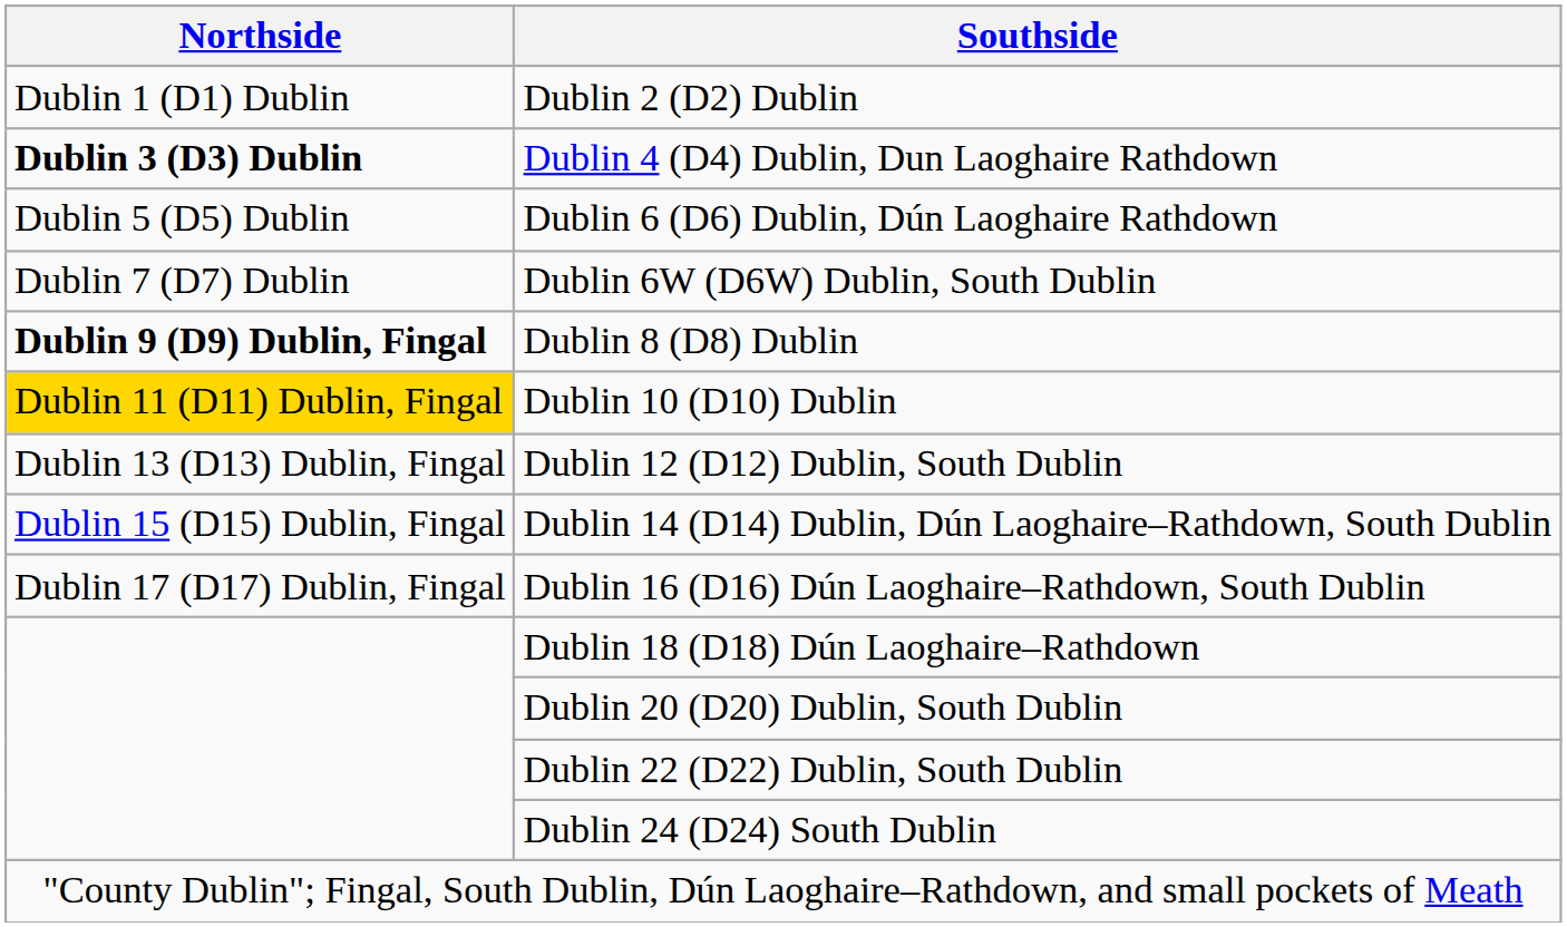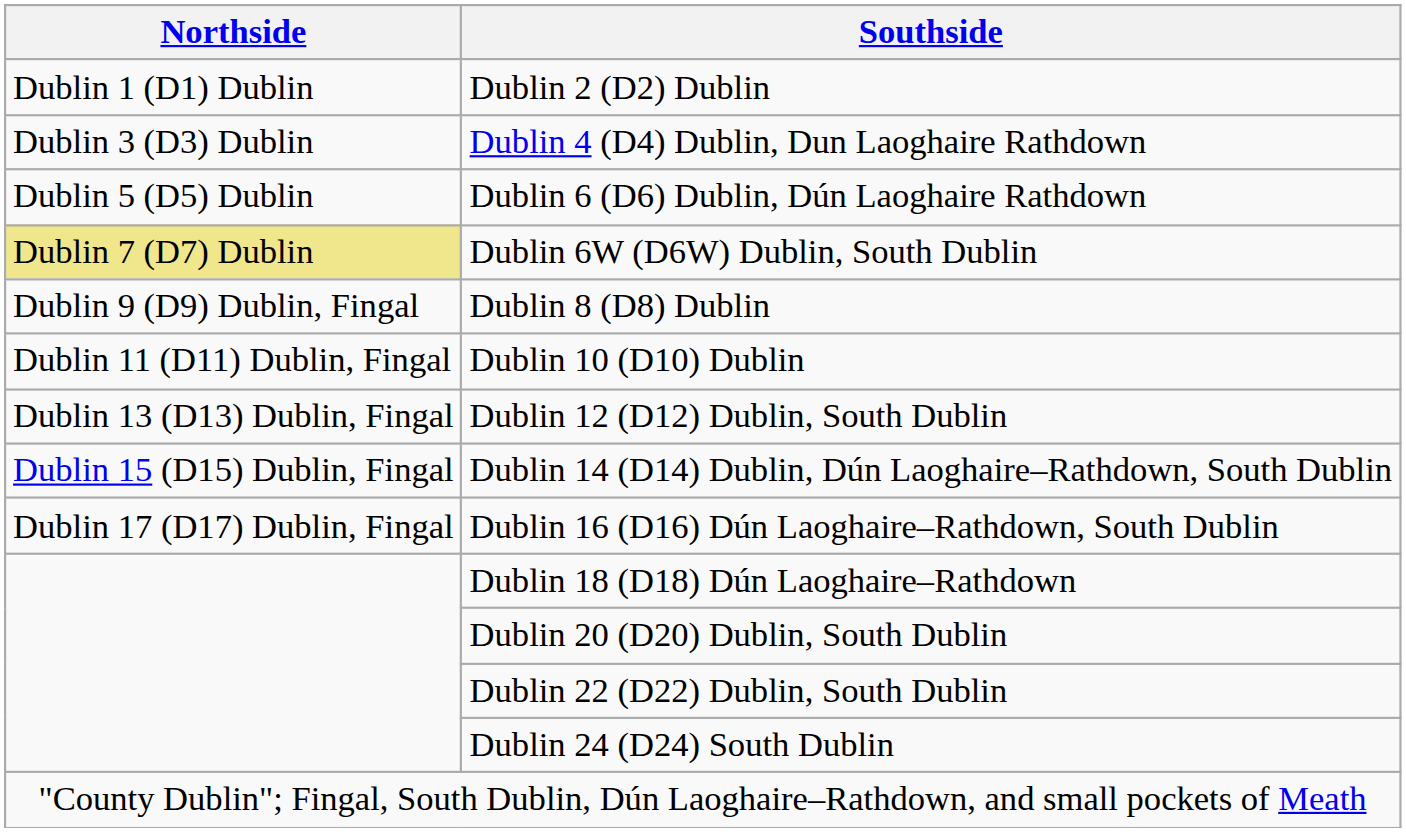 <table class="wikitable">
 <tr>
 <th><a href='#'>Northside</a></th>
 <th><a href='#'>Southside</a></th>
 </tr>
 <tr>
 <td>Dublin 1 (D1) Dublin</td>
 <td>Dublin 2 (D2) Dublin</td>
 </tr>
 <tr>
-<td><strong>Dublin 3 (D3) Dublin</strong></td>
+<td>Dublin 3 (D3) Dublin</td>
 <td><a href='#'>Dublin 4</a> (D4) Dublin, Dun Laoghaire Rathdown</td>
 </tr>
 <tr>
 <td>Dublin 5 (D5) Dublin</td>
 <td>Dublin 6 (D6) Dublin, Dún Laoghaire Rathdown</td>
 </tr>
 <tr>
-<td>Dublin 7 (D7) Dublin</td>
+<td style="background: khaki;">Dublin 7 (D7) Dublin</td>
 <td>Dublin 6W (D6W) Dublin, South Dublin</td>
 </tr>
 <tr>
-<td><strong>Dublin 9 (D9) Dublin, Fingal</strong></td>
+<td>Dublin 9 (D9) Dublin, Fingal</td>
 <td>Dublin 8 (D8) Dublin</td>
 </tr>
 <tr>
-<td style="background: gold;">Dublin 11 (D11) Dublin, Fingal</td>
+<td>Dublin 11 (D11) Dublin, Fingal</td>
 <td>Dublin 10 (D10) Dublin</td>
 </tr>
 <tr>
 <td>Dublin 13 (D13) Dublin, Fingal</td>
 <td>Dublin 12 (D12) Dublin, South Dublin</td>
 </tr>
 <tr>
 <td><a href='#'>Dublin 15</a> (D15) Dublin, Fingal</td>
 <td>Dublin 14 (D14) Dublin, Dún Laoghaire–Rathdown, South Dublin</td>
 </tr>
 <tr>
 <td>Dublin 17 (D17) Dublin, Fingal</td>
 <td>Dublin 16 (D16) Dún Laoghaire–Rathdown, South Dublin</td>
 </tr>
 <tr>
 <td rowspan=4></td>
 <td>Dublin 18 (D18) Dún Laoghaire–Rathdown</td>
 </tr>
 <tr>
 <td>Dublin 20 (D20) Dublin, South Dublin</td>
 </tr>
 <tr>
 <td>Dublin 22 (D22) Dublin, South Dublin</td>
 </tr>
 <tr>
 <td>Dublin 24 (D24) South Dublin</td>
 </tr>
 <tr>
 <td align="center" colspan=2>"County Dublin"; Fingal, South Dublin, Dún Laoghaire–Rathdown, and small pockets of <a href='#'>Meath</a></td>
 </tr>
 </table>
